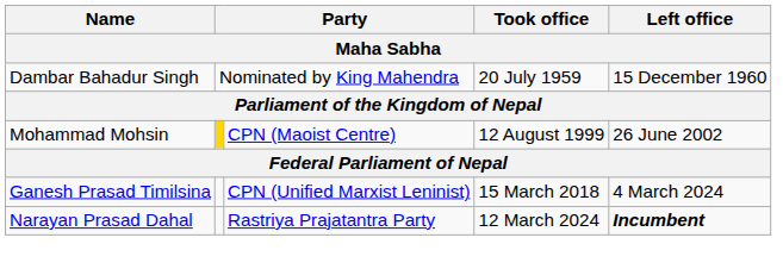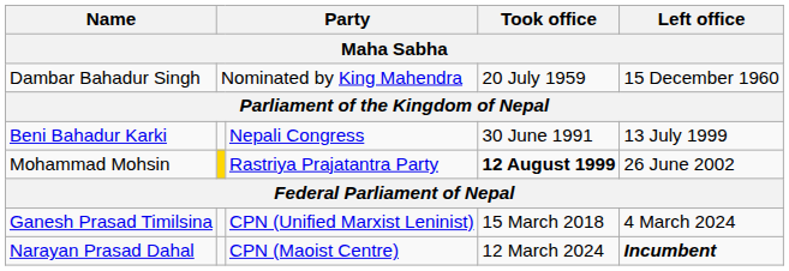 <table class="wikitable">
 <tr>
 <th>Name</th>
 <th colspan="2">Party</th>
 <th>Took office</th>
 <th>Left office</th>
 </tr>
 <tr>
 <th colspan="5">Maha Sabha</th>
 </tr>
 <tr>
 <td>Dambar Bahadur Singh</td>
 <td colspan="2">Nominated by <a href='#'>King Mahendra</a></td>
 <td>20 July 1959</td>
 <td>15 December 1960</td>
 </tr>
 <tr>
 <th colspan="5"><em>Parliament of the Kingdom of Nepal</em></th>
 </tr>
 <tr>
+<td><a href='#'>Beni Bahadur Karki</a></td>
+<td></td>
+<td><a href='#'>Nepali Congress</a></td>
+<td>30 June 1991</td>
+<td>13 July 1999</td>
+</tr>
+<tr>
 <td>Mohammad Mohsin</td>
 <td bgcolor="gold"></td>
-<td><a href='#'>CPN (Maoist Centre)</a></td>
-<td>12 August 1999</td>
+<td><a href='#'>Rastriya Prajatantra Party</a></td>
+<td><strong>12 August 1999</strong></td>
 <td>26 June 2002</td>
 </tr>
 <tr>
 <th colspan="5"><em>Federal Parliament of Nepal</em></th>
 </tr>
 <tr>
 <td><a href='#'>Ganesh Prasad Timilsina</a></td>
 <td></td>
 <td><a href='#'>CPN (Unified Marxist Leninist)</a></td>
 <td>15 March 2018</td>
 <td>4 March 2024</td>
 </tr>
 <tr>
 <td><a href='#'>Narayan Prasad Dahal</a></td>
 <td></td>
-<td><a href='#'>Rastriya Prajatantra Party</a></td>
+<td><a href='#'>CPN (Maoist Centre)</a></td>
 <td>12 March 2024</td>
 <td><strong><em>Incumbent</em></strong></td>
 </tr>
 </table>
